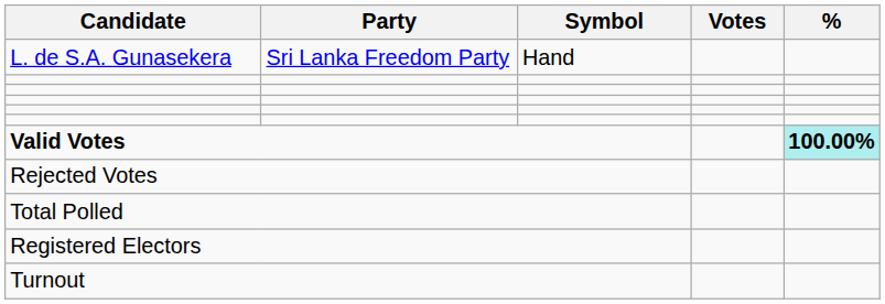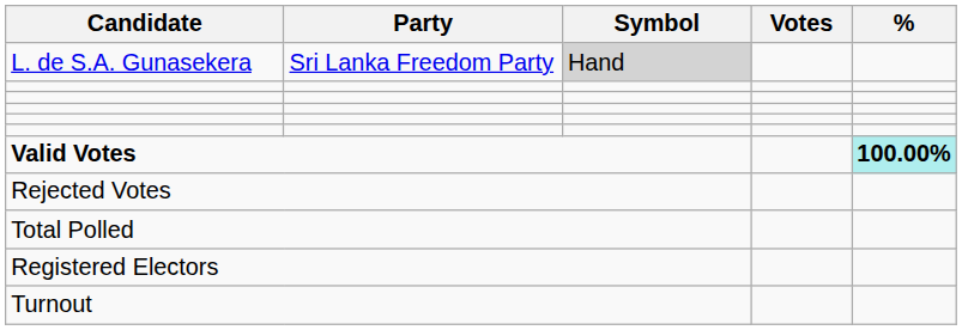 <table class="wikitable" border="1" style="text-align:right;">
 <tr>
 <th align=left width="180">Candidate</th>
 <th align=left width="180">Party</th>
 <th align=left width="120">Symbol</th>
 <th align=left width="60">Votes</th>
 <th align=left width="60">%</th>
 </tr>
 <tr>
 <td align=left><a href='#'>L. de S.A. Gunasekera</a></td>
 <td align=left><a href='#'>Sri Lanka Freedom Party</a></td>
-<td align=left>Hand</td>
+<td align=left style="background: lightgrey;">Hand</td>
 <td></td>
 <td></td>
 </tr>
 <tr>
 <td align=left></td>
 <td align=left></td>
 <td></td>
 <td></td>
 <td></td>
 </tr>
 <tr>
 <td align=left></td>
 <td align=left></td>
 <td></td>
 <td></td>
 <td></td>
 </tr>
 <tr>
 <td align=left></td>
 <td align=left></td>
 <td></td>
 <td></td>
 <td></td>
 </tr>
 <tr>
 <td align=left></td>
 <td align=left></td>
 <td></td>
 <td></td>
 <td></td>
 </tr>
 <tr>
 <td align=left></td>
 <td align=left></td>
 <td></td>
 <td></td>
 <td></td>
 </tr>
 <tr>
 <td align=left colspan=3><strong>Valid Votes</strong></td>
 <td><strong> </strong></td>
 <td style="background: paleturquoise;"><strong>100.00%</strong></td>
 </tr>
 <tr>
 <td align=left colspan=3>Rejected Votes</td>
 <td></td>
 <td></td>
 </tr>
 <tr>
 <td align=left colspan=3>Total Polled</td>
 <td></td>
 <td></td>
 </tr>
 <tr>
 <td align=left colspan=3>Registered Electors</td>
 <td></td>
 <td></td>
 </tr>
 <tr>
 <td align=left colspan=3>Turnout</td>
 <td></td>
 </tr>
 </table>
